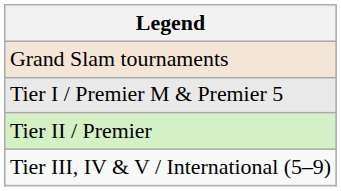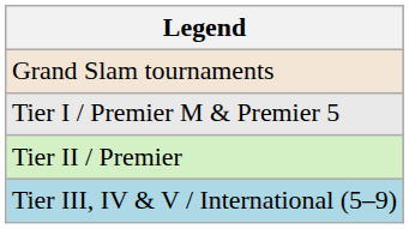 <table class=wikitable style="font-size:90%">
 <tr>
 <th>Legend</th>
 </tr>
 <tr>
 <td bgcolor=f3e6d7>Grand Slam tournaments</td>
 </tr>
 <tr>
 <td bgcolor=e9e9e9>Tier I / Premier M & Premier 5</td>
 </tr>
 <tr>
 <td bgcolor=d4f1c5>Tier II / Premier</td>
 </tr>
 <tr>
-<td>Tier III, IV & V / International (5–9)</td>
+<td style="background: lightblue;">Tier III, IV & V / International (5–9)</td>
 </tr>
 </table>
